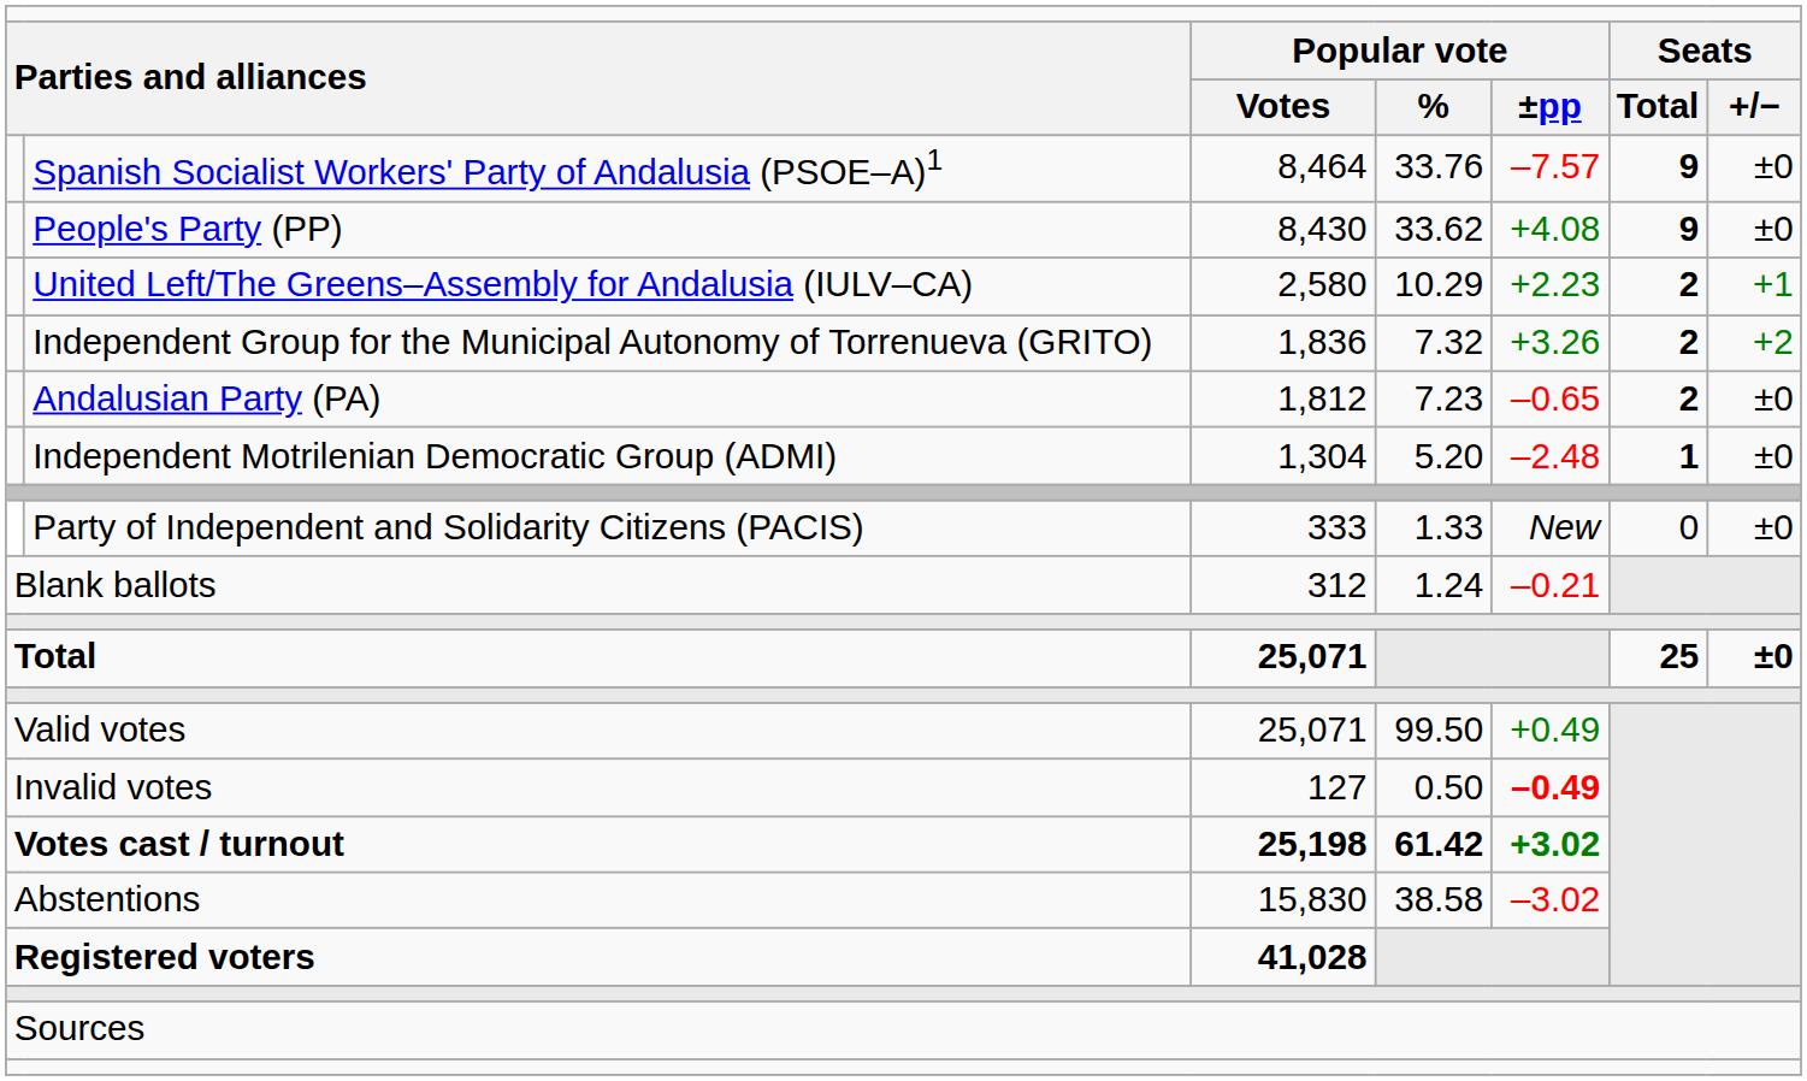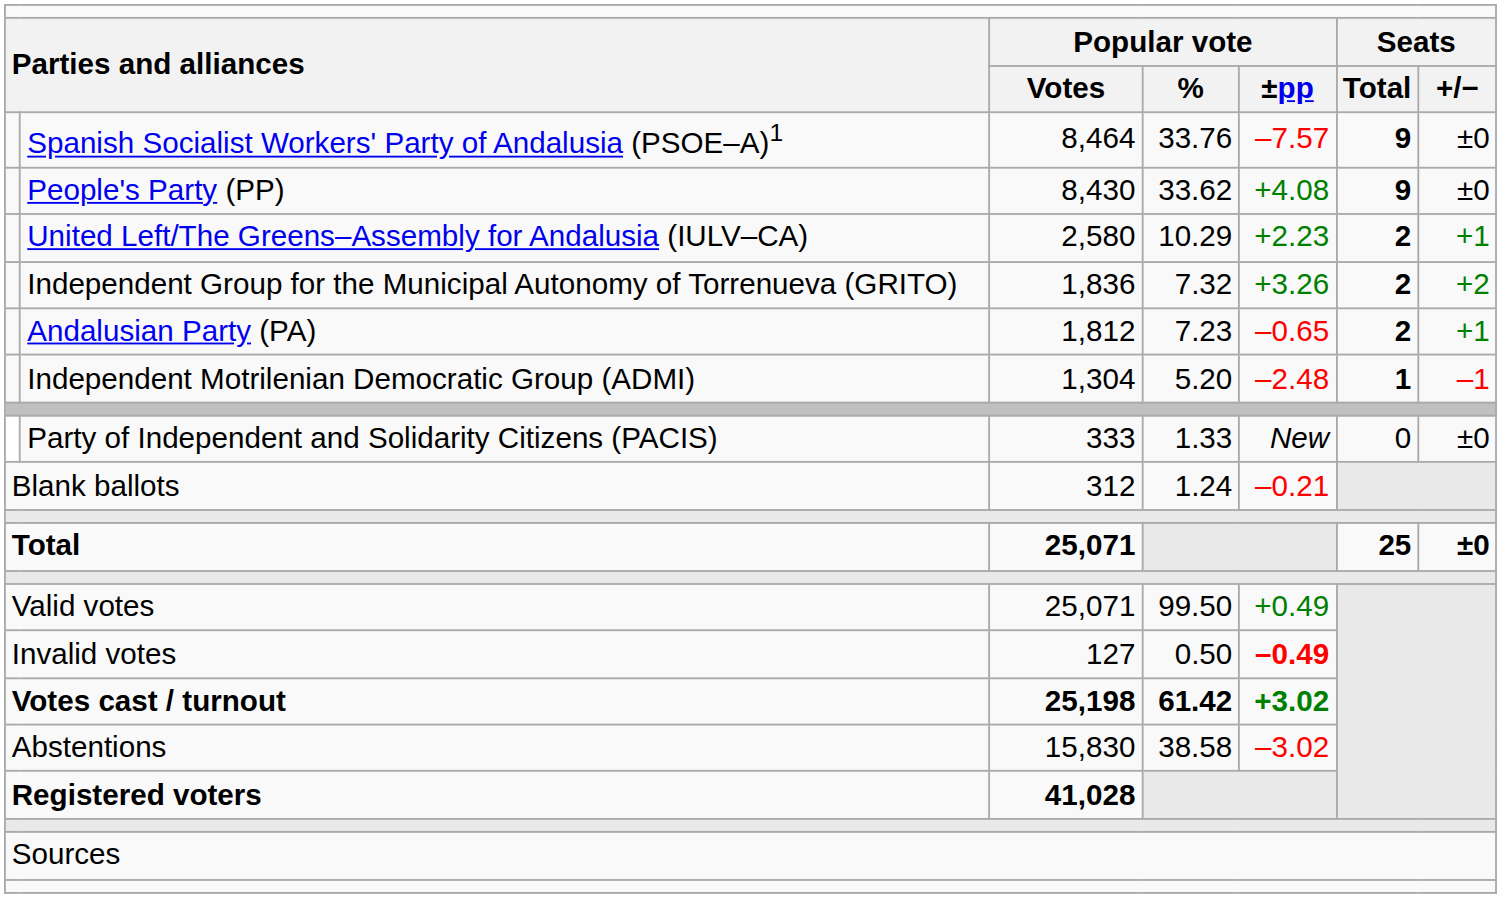 <table class="wikitable" style="text-align:right;">
 <tr>
 <td colspan="7"></td>
 </tr>
 <tr>
 <th style="text-align:left;" rowspan="2" colspan="2" width="525">Parties and alliances</th>
 <th colspan="3">Popular vote</th>
 <th colspan="2">Seats</th>
 </tr>
 <tr>
 <th width="75">Votes</th>
 <th width="45">%</th>
 <th width="45">±<a href='#'>pp</a></th>
 <th width="35">Total</th>
 <th width="35">+/−</th>
 </tr>
 <tr>
 <td width="1" style="color:inherit;background:"></td>
 <td align="left"><a href='#'>Spanish Socialist Workers' Party of Andalusia</a> (PSOE–A)<sup>1</sup></td>
 <td>8,464</td>
 <td>33.76</td>
 <td style="color:red;">–7.57</td>
 <td><strong>9</strong></td>
 <td>±0</td>
 </tr>
 <tr>
 <td style="color:inherit;background:"></td>
 <td align="left"><a href='#'>People's Party</a> (PP)</td>
 <td>8,430</td>
 <td>33.62</td>
 <td style="color:green;">+4.08</td>
 <td><strong>9</strong></td>
 <td>±0</td>
 </tr>
 <tr>
 <td style="color:inherit;background:"></td>
 <td align="left"><a href='#'>United Left/The Greens–Assembly for Andalusia</a> (IULV–CA)</td>
 <td>2,580</td>
 <td>10.29</td>
 <td style="color:green;">+2.23</td>
 <td><strong>2</strong></td>
 <td style="color:green;">+1</td>
 </tr>
 <tr>
 <td style="color:inherit;background:"></td>
 <td align="left">Independent Group for the Municipal Autonomy of Torrenueva (GRITO)</td>
 <td>1,836</td>
 <td>7.32</td>
 <td style="color:green;">+3.26</td>
 <td><strong>2</strong></td>
 <td style="color:green;">+2</td>
 </tr>
 <tr>
 <td style="color:inherit;background:"></td>
 <td align="left"><a href='#'>Andalusian Party</a> (PA)</td>
 <td>1,812</td>
 <td>7.23</td>
 <td style="color:red;">–0.65</td>
 <td><strong>2</strong></td>
-<td>±0</td>
+<td style="color:green;">+1</td>
 </tr>
 <tr>
 <td style="color:inherit;background:"></td>
 <td align="left">Independent Motrilenian Democratic Group (ADMI)</td>
 <td>1,304</td>
 <td>5.20</td>
 <td style="color:red;">–2.48</td>
 <td><strong>1</strong></td>
-<td>±0</td>
+<td style="color:red;">–1</td>
 </tr>
 <tr>
 <td colspan="7" bgcolor="#C0C0C0"></td>
 </tr>
 <tr>
 <td bgcolor="white"></td>
 <td align="left">Party of Independent and Solidarity Citizens (PACIS)</td>
 <td>333</td>
 <td>1.33</td>
 <td><em>New</em></td>
 <td>0</td>
 <td>±0</td>
 </tr>
 <tr>
 <td align="left" colspan="2">Blank ballots</td>
 <td>312</td>
 <td>1.24</td>
 <td style="color:red;">–0.21</td>
 <td bgcolor="#E9E9E9" colspan="2"></td>
 </tr>
 <tr>
 <td colspan="7" bgcolor="#E9E9E9"></td>
 </tr>
 <tr style="font-weight:bold;">
 <td align="left" colspan="2">Total</td>
 <td>25,071</td>
 <td bgcolor="#E9E9E9" colspan="2"></td>
 <td>25</td>
 <td>±0</td>
 </tr>
 <tr>
 <td colspan="7" bgcolor="#E9E9E9"></td>
 </tr>
 <tr>
 <td align="left" colspan="2">Valid votes</td>
 <td>25,071</td>
 <td>99.50</td>
 <td style="color:green;">+0.49</td>
 <td bgcolor="#E9E9E9" colspan="2" rowspan="5"></td>
 </tr>
 <tr>
 <td align="left" colspan="2">Invalid votes</td>
 <td>127</td>
 <td>0.50</td>
 <td style="color:red;"><strong>–0.49</strong></td>
 </tr>
 <tr style="font-weight:bold;">
 <td align="left" colspan="2">Votes cast / turnout</td>
 <td>25,198</td>
 <td>61.42</td>
 <td style="color:green;">+3.02</td>
 </tr>
 <tr>
 <td align="left" colspan="2">Abstentions</td>
 <td>15,830</td>
 <td>38.58</td>
 <td style="color:red;">–3.02</td>
 </tr>
 <tr style="font-weight:bold;">
 <td align="left" colspan="2">Registered voters</td>
 <td>41,028</td>
 <td bgcolor="#E9E9E9" colspan="2"></td>
 </tr>
 <tr>
 <td colspan="7" bgcolor="#E9E9E9"></td>
 </tr>
 <tr>
 <td align="left" colspan="7">Sources</td>
 </tr>
 <tr>
 <td colspan="7" style="text-align:left; max-width:790px;"></td>
 </tr>
 </table>
